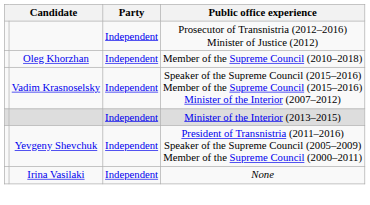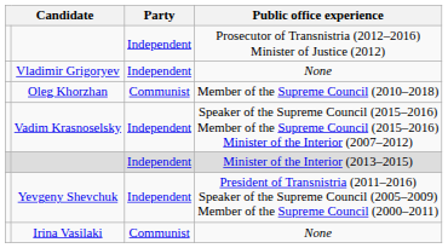 <table class="wikitable" style="text-align:center;">
 <tr>
 <th colspan=2>Candidate</th>
 <th>Party</th>
 <th>Public office experience</th>
 </tr>
 <tr>
 <td style="background-color:"></td>
 <td></td>
 <td><a href='#'>Independent</a></td>
 <td>Prosecutor of Transnistria (2012–2016)<br>Minister of Justice (2012)</td>
 </tr>
 <tr>
 <td style="background-color:"></td>
+<td><a href='#'>Vladimir Grigoryev</a></td>
+<td><a href='#'>Independent</a></td>
+<td><em>None</em></td>
+</tr>
+<tr>
+<td style="background-color:"></td>
 <td><a href='#'>Oleg Khorzhan</a></td>
-<td><a href='#'>Independent</a></td>
+<td><a href='#'>Communist</a></td>
 <td>Member of the <a href='#'>Supreme Council</a> (2010–2018)</td>
 </tr>
 <tr>
 <td style="background-color:"></td>
 <td><a href='#'>Vadim Krasnoselsky</a></td>
 <td><a href='#'>Independent</a></td>
 <td>Speaker of the Supreme Council (2015–2016)<br>Member of the <a href='#'>Supreme Council</a> (2015–2016)<br><a href='#'>Minister of the Interior</a> (2007–2012)</td>
 </tr>
 <tr style="background:#DDDDDD">
 <td style="background-color:"></td>
 <td></td>
 <td><a href='#'>Independent</a></td>
 <td><a href='#'>Minister of the Interior</a> (2013–2015)</td>
 </tr>
 <tr>
 <td style="background-color:"></td>
 <td><a href='#'>Yevgeny Shevchuk</a></td>
 <td><a href='#'>Independent</a></td>
 <td><a href='#'>President of Transnistria</a> (2011–2016)<br>Speaker of the Supreme Council (2005–2009)<br>Member of the <a href='#'>Supreme Council</a> (2000–2011)</td>
 </tr>
 <tr>
 <td style="background-color:"></td>
 <td><a href='#'>Irina Vasilaki</a></td>
-<td><a href='#'>Independent</a></td>
+<td><a href='#'>Communist</a></td>
 <td><em>None</em></td>
 </tr>
 </table>
